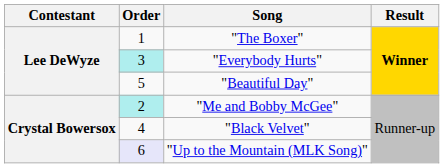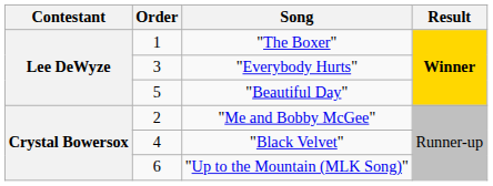 <table class="wikitable unsortable" style="text-align:center;">
 <tr>
 <th scope="col">Contestant</th>
 <th scope="col">Order</th>
 <th scope="col">Song</th>
 <th scope="col">Result</th>
 </tr>
 <tr>
 <th scope="row" rowspan="3">Lee DeWyze</th>
 <td>1</td>
 <td>"<a href='#'>The Boxer</a>"</td>
 <td rowspan="3" bgcolor="gold"><strong>Winner</strong></td>
 </tr>
 <tr>
-<td style="background: paleturquoise;">3</td>
+<td>3</td>
 <td>"<a href='#'>Everybody Hurts</a>"</td>
 </tr>
 <tr>
 <td>5</td>
 <td>"<a href='#'>Beautiful Day</a>"</td>
 </tr>
 <tr>
 <th scope="row" rowspan="3">Crystal Bowersox</th>
-<td style="background: paleturquoise;">2</td>
+<td>2</td>
 <td>"<a href='#'>Me and Bobby McGee</a>"</td>
 <td rowspan="3" bgcolor="silver">Runner-up</td>
 </tr>
 <tr>
 <td>4</td>
 <td>"<a href='#'>Black Velvet</a>"</td>
 </tr>
 <tr>
-<td style="background: lavender;">6</td>
+<td>6</td>
 <td>"<a href='#'>Up to the Mountain (MLK Song)</a>"</td>
 </tr>
 </table>
